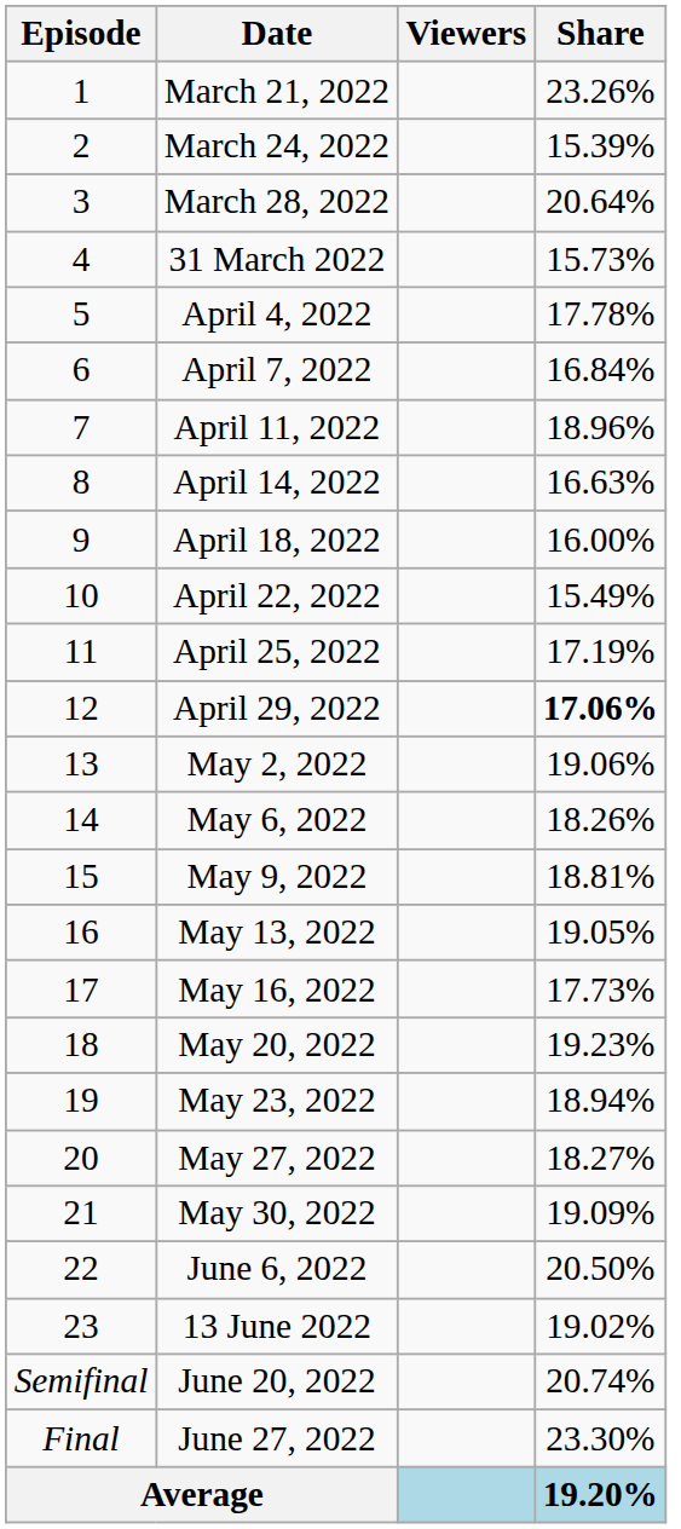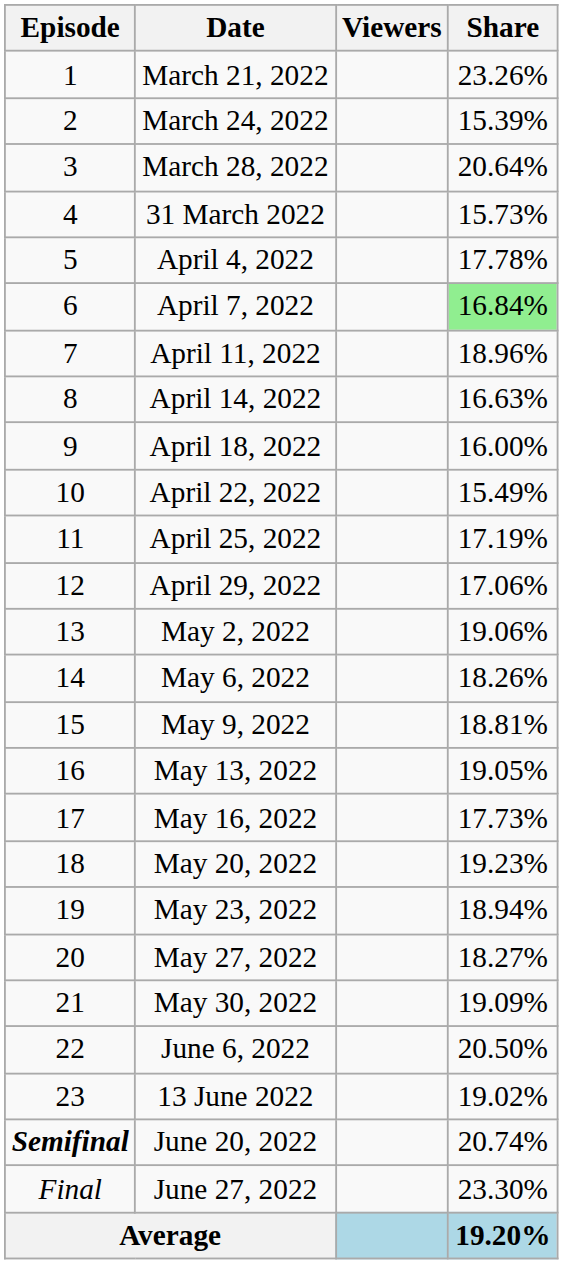 <table class="wikitable" style="text-align:center;">
 <tr>
 <th>Episode</th>
 <th>Date</th>
 <th>Viewers</th>
 <th>Share</th>
 </tr>
 <tr>
 <td>1</td>
 <td>March 21, 2022</td>
 <td></td>
 <td>23.26%</td>
 </tr>
 <tr>
 <td>2</td>
 <td>March 24, 2022</td>
 <td></td>
 <td>15.39%</td>
 </tr>
 <tr>
 <td>3</td>
 <td>March 28, 2022</td>
 <td></td>
 <td>20.64%</td>
 </tr>
 <tr>
 <td>4</td>
 <td>31 March 2022</td>
 <td></td>
 <td>15.73%</td>
 </tr>
 <tr>
 <td>5</td>
 <td>April 4, 2022</td>
 <td></td>
 <td>17.78%</td>
 </tr>
 <tr>
 <td>6</td>
 <td>April 7, 2022</td>
 <td></td>
-<td>16.84%</td>
+<td style="background: lightgreen;">16.84%</td>
 </tr>
 <tr>
 <td>7</td>
 <td>April 11, 2022</td>
 <td></td>
 <td>18.96%</td>
 </tr>
 <tr>
 <td>8</td>
 <td>April 14, 2022</td>
 <td></td>
 <td>16.63%</td>
 </tr>
 <tr>
 <td>9</td>
 <td>April 18, 2022</td>
 <td></td>
 <td>16.00%</td>
 </tr>
 <tr>
 <td>10</td>
 <td>April 22, 2022</td>
 <td></td>
 <td>15.49%</td>
 </tr>
 <tr>
 <td>11</td>
 <td>April 25, 2022</td>
 <td></td>
 <td>17.19%</td>
 </tr>
 <tr>
 <td>12</td>
 <td>April 29, 2022</td>
 <td></td>
-<td><strong>17.06%</strong></td>
+<td>17.06%</td>
 </tr>
 <tr>
 <td>13</td>
 <td>May 2, 2022</td>
 <td></td>
 <td>19.06%</td>
 </tr>
 <tr>
 <td>14</td>
 <td>May 6, 2022</td>
 <td></td>
 <td>18.26%</td>
 </tr>
 <tr>
 <td>15</td>
 <td>May 9, 2022</td>
 <td></td>
 <td>18.81%</td>
 </tr>
 <tr>
 <td>16</td>
 <td>May 13, 2022</td>
 <td></td>
 <td>19.05%</td>
 </tr>
 <tr>
 <td>17</td>
 <td>May 16, 2022</td>
 <td></td>
 <td>17.73%</td>
 </tr>
 <tr>
 <td>18</td>
 <td>May 20, 2022</td>
 <td></td>
 <td>19.23%</td>
 </tr>
 <tr>
 <td>19</td>
 <td>May 23, 2022</td>
 <td></td>
 <td>18.94%</td>
 </tr>
 <tr>
 <td>20</td>
 <td>May 27, 2022</td>
 <td></td>
 <td>18.27%</td>
 </tr>
 <tr>
 <td>21</td>
 <td>May 30, 2022</td>
 <td></td>
 <td>19.09%</td>
 </tr>
 <tr>
 <td>22</td>
 <td>June 6, 2022</td>
 <td></td>
 <td>20.50%</td>
 </tr>
 <tr>
 <td>23</td>
 <td>13 June 2022</td>
 <td></td>
 <td>19.02%</td>
 </tr>
 <tr>
-<td><em>Semifinal</em></td>
+<td><strong><em>Semifinal</em></strong></td>
 <td>June 20, 2022</td>
 <td></td>
 <td>20.74%</td>
 </tr>
 <tr>
 <td><em>Final</em></td>
 <td>June 27, 2022</td>
 <td></td>
 <td>23.30%</td>
 </tr>
 <tr>
 <th colspan="2">Average</th>
 <th style="background:lightblue"><strong></strong></th>
 <th style="background:lightblue"><strong>19.20%</strong></th>
 </tr>
 </table>
